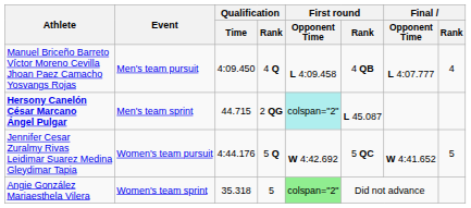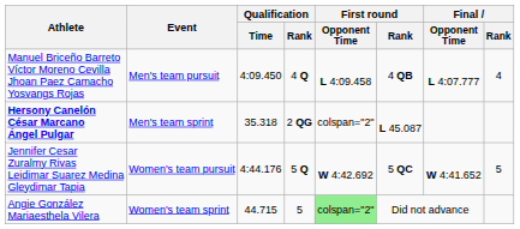 <table class="wikitable" style="font-size:90%">
 <tr>
 <th rowspan=2>Athlete</th>
 <th rowspan=2>Event</th>
 <th colspan=2>Qualification</th>
 <th colspan=2>First round</th>
 <th colspan=2>Final / </th>
 </tr>
 <tr style="font-size:95%">
 <th>Time</th>
 <th>Rank</th>
 <th>Opponent<br>Time</th>
 <th>Rank</th>
 <th>Opponent<br>Time</th>
 <th>Rank</th>
 </tr>
 <tr align=center>
 <td align=left><a href='#'>Manuel Briceño Barreto</a><br><a href='#'>Víctor Moreno Cevilla</a><br><a href='#'>Jhoan Paez Camacho</a><br><a href='#'>Yosvangs Rojas</a></td>
 <td align=left><a href='#'>Men's team pursuit</a></td>
 <td>4:09.450</td>
 <td>4 <strong>Q</strong></td>
 <td><br><strong>L</strong> 4:09.458</td>
 <td>4 <strong>QB</strong></td>
 <td><br><strong>L</strong> 4:07.777</td>
 <td>4</td>
 </tr>
 <tr align=center>
 <td align=left><strong><a href='#'>Hersony Canelón</a><br><a href='#'>César Marcano</a><br><a href='#'>Ángel Pulgar</a></strong></td>
 <td align=left><a href='#'>Men's team sprint</a></td>
-<td>44.715</td>
+<td>35.318</td>
 <td>2 <strong>QG</strong></td>
-<td style="background: paleturquoise;">colspan="2" </td>
+<td>colspan="2" </td>
 <td><br><strong>L</strong> 45.087</td>
 <td></td>
 </tr>
 <tr align=center>
 <td align=left><a href='#'>Jennifer Cesar</a><br><a href='#'>Zuralmy Rivas</a><br><a href='#'>Leidimar Suarez Medina</a><br><a href='#'>Gleydimar Tapia</a></td>
 <td align=left><a href='#'>Women's team pursuit</a></td>
 <td>4:44.176</td>
 <td>5 <strong>Q</strong></td>
 <td><br><strong>W</strong> 4:42.692</td>
 <td>5 <strong>QC</strong></td>
 <td><br><strong>W</strong> 4:41.652</td>
 <td>5</td>
 </tr>
 <tr align=center>
 <td align=left><a href='#'>Angie González</a><br><a href='#'>Mariaesthela Vilera</a></td>
 <td align=left><a href='#'>Women's team sprint</a></td>
-<td>35.318</td>
+<td>44.715</td>
 <td>5</td>
 <td style="background: lightgreen;">colspan="2" </td>
 <td colspan=2>Did not advance</td>
 </tr>
 </table>
